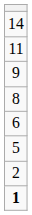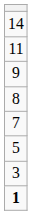 <table class="wikitable">
 <tr>
 <th></th>
 </tr>
 <tr>
 <td style="text-align:center;">14</td>
 </tr>
 <tr>
 <td style="text-align:center;">11</td>
 </tr>
 <tr>
 <td style="text-align:center;">9</td>
 </tr>
 <tr>
 <td style="text-align:center;">8</td>
 </tr>
 <tr>
-<td style="text-align:center;">6</td>
+<td style="text-align:center;">7</td>
 </tr>
 <tr>
 <td style="text-align:center;">5</td>
 </tr>
 <tr>
-<td style="text-align:center;">2</td>
+<td style="text-align:center;">3</td>
 </tr>
 <tr>
 <td style="text-align:center;"><strong>1</strong></td>
 </tr>
 </table>
